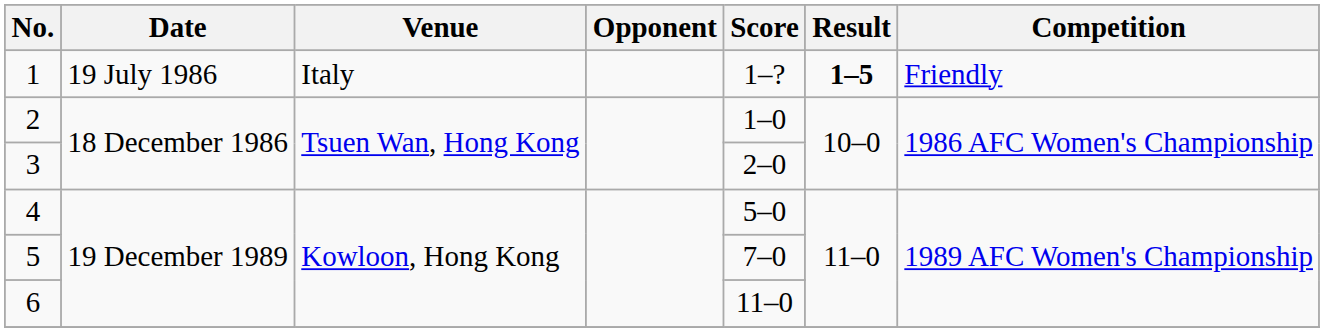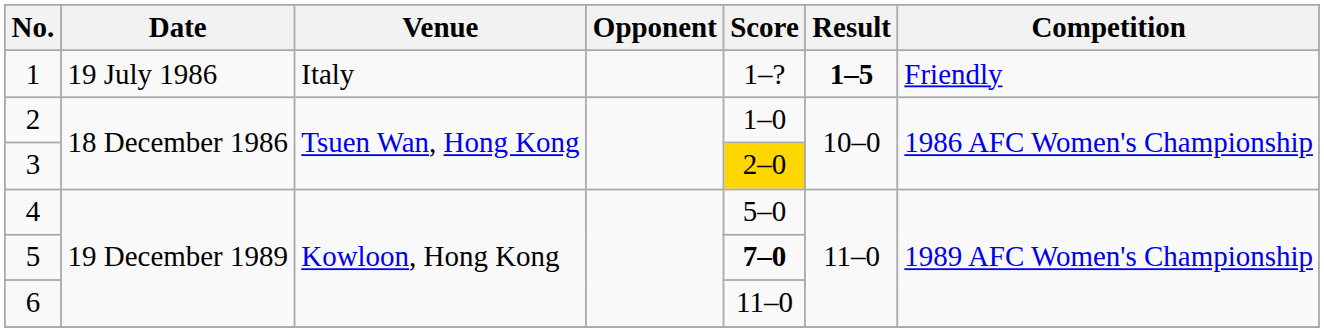 <table class="wikitable sortable">
 <tr>
 <th scope="col">No.</th>
 <th scope="col">Date</th>
 <th scope="col">Venue</th>
 <th scope="col">Opponent</th>
 <th scope="col">Score</th>
 <th scope="col">Result</th>
 <th scope="col">Competition</th>
 </tr>
 <tr>
 <td style="text-align:center">1</td>
 <td>19 July 1986</td>
 <td>Italy</td>
 <td></td>
 <td style="text-align:center">1–?</td>
 <td style="text-align:center"><strong>1–5</strong></td>
 <td><a href='#'>Friendly</a></td>
 </tr>
 <tr>
 <td style="text-align:center">2</td>
 <td rowspan="2">18 December 1986</td>
 <td rowspan="2"><a href='#'>Tsuen Wan</a>, <a href='#'>Hong Kong</a></td>
 <td rowspan="2"></td>
 <td style="text-align:center">1–0</td>
 <td rowspan="2" style="text-align:center">10–0</td>
 <td rowspan="2"><a href='#'>1986 AFC Women's Championship</a></td>
 </tr>
 <tr>
 <td style="text-align:center">3</td>
-<td style="text-align:center">2–0</td>
+<td style="background: gold; text-align:center">2–0</td>
 </tr>
 <tr>
 <td style="text-align:center">4</td>
 <td rowspan="3">19 December 1989</td>
 <td rowspan="3"><a href='#'>Kowloon</a>, Hong Kong</td>
 <td rowspan="3"></td>
 <td style="text-align:center">5–0</td>
 <td rowspan="3" style="text-align:center">11–0</td>
 <td rowspan="3"><a href='#'>1989 AFC Women's Championship</a></td>
 </tr>
 <tr>
 <td style="text-align:center">5</td>
-<td style="text-align:center">7–0</td>
+<td style="text-align:center"><strong>7–0</strong></td>
 </tr>
 <tr>
 <td style="text-align:center">6</td>
 <td style="text-align:center">11–0</td>
 </tr>
 <tr>
 </tr>
 </table>
